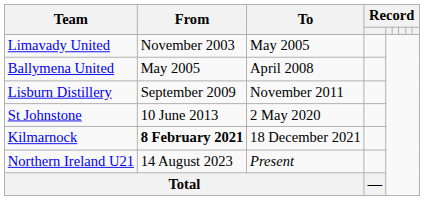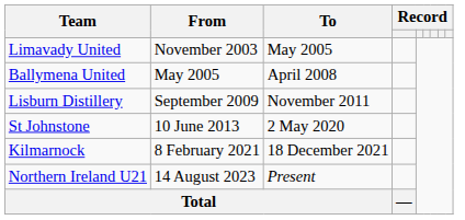 <table class="wikitable" style="text-align: center">
 <tr>
 <th rowspan="2">Team</th>
 <th rowspan="2">From</th>
 <th rowspan="2">To</th>
 <th colspan="6">Record</th>
 </tr>
 <tr>
 <th></th>
 <th></th>
 <th></th>
 <th></th>
 <th></th>
 <th></th>
 </tr>
 <tr>
 <td align=left><a href='#'>Limavady United</a></td>
 <td align=left>November 2003</td>
 <td align=left>May 2005<br></td>
 <td></td>
 </tr>
 <tr>
 <td align=left><a href='#'>Ballymena United</a></td>
 <td align=left>May 2005</td>
 <td align=left>April 2008<br></td>
 <td></td>
 </tr>
 <tr>
 <td align=left><a href='#'>Lisburn Distillery</a></td>
 <td align=left>September 2009</td>
 <td align=left>November 2011<br></td>
 <td></td>
 </tr>
 <tr>
 <td align=left><a href='#'>St Johnstone</a></td>
 <td align=left>10 June 2013</td>
 <td align=left>2 May 2020<br></td>
 <td></td>
 </tr>
 <tr>
 <td align=left><a href='#'>Kilmarnock</a></td>
-<td align=left><strong>8 February 2021</strong></td>
+<td align=left>8 February 2021</td>
 <td align=left>18 December 2021<br></td>
 <td></td>
 </tr>
 <tr>
 <td align=left><a href='#'>Northern Ireland U21</a></td>
 <td align=left>14 August 2023</td>
 <td align=left><em>Present</em><br></td>
 <td></td>
 </tr>
 <tr>
 <th colspan=3>Total<br></th>
 <th>—</th>
 </tr>
 </table>
